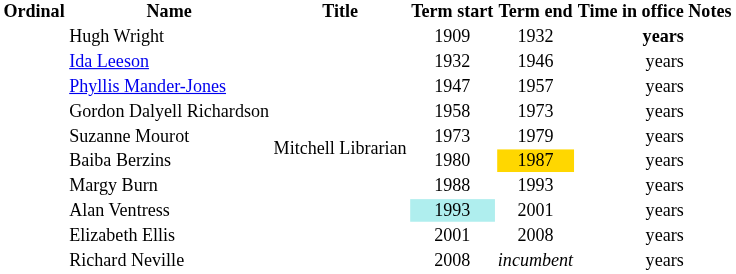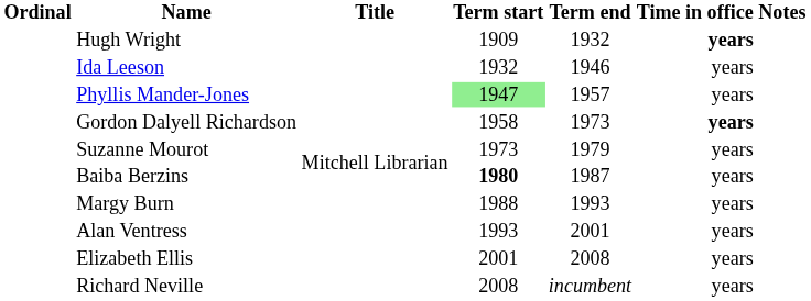 <table>
 <tr>
 <th>Ordinal</th>
 <th>Name</th>
 <th>Title</th>
 <th>Term start</th>
 <th>Term end</th>
 <th>Time in office</th>
 <th>Notes</th>
 </tr>
 <tr>
 <td align=center></td>
 <td>Hugh Wright</td>
 <td rowspan=10>Mitchell Librarian</td>
 <td align=center>1909</td>
 <td align=center>1932</td>
 <td align=right><strong> years</strong></td>
 <td></td>
 </tr>
 <tr>
 <td align=center></td>
 <td><a href='#'>Ida Leeson</a></td>
 <td align=center>1932</td>
 <td align=center>1946</td>
 <td align=right> years</td>
 <td rowspan=9></td>
 </tr>
 <tr>
 <td align=center></td>
 <td><a href='#'>Phyllis Mander-Jones</a></td>
-<td align=center>1947</td>
+<td align=center style="background: lightgreen;">1947</td>
 <td align=center>1957</td>
 <td align=right> years</td>
 </tr>
 <tr>
 <td align=center></td>
 <td>Gordon Dalyell Richardson</td>
 <td align=center>1958</td>
 <td align=center>1973</td>
-<td align=right> years</td>
+<td align=right><strong> years</strong></td>
 </tr>
 <tr>
 <td align=center></td>
 <td>Suzanne Mourot</td>
 <td align=center>1973</td>
 <td align=center>1979</td>
 <td align=right> years</td>
 </tr>
 <tr>
 <td align=center></td>
 <td>Baiba Berzins</td>
-<td align=center>1980</td>
-<td align=center style="background: gold;">1987</td>
+<td align=center><strong>1980</strong></td>
+<td align=center>1987</td>
 <td align=right> years</td>
 </tr>
 <tr>
 <td align=center></td>
 <td>Margy Burn</td>
 <td align=center>1988</td>
 <td align=center>1993</td>
 <td align=right> years</td>
 </tr>
 <tr>
 <td align=center></td>
 <td>Alan Ventress</td>
-<td align=center style="background: paleturquoise;">1993</td>
+<td align=center>1993</td>
 <td align=center>2001</td>
 <td align=right> years</td>
 </tr>
 <tr>
 <td align=center></td>
 <td>Elizabeth Ellis</td>
 <td align=center>2001</td>
 <td align=center>2008</td>
 <td align=right> years</td>
 </tr>
 <tr>
 <td align=center></td>
 <td>Richard Neville</td>
 <td align=center>2008</td>
 <td align=center><em>incumbent</em></td>
 <td align=right> years</td>
 </tr>
 </table>
